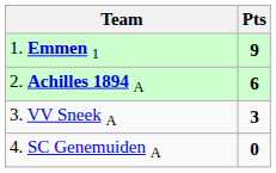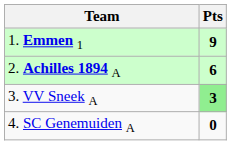 <table class="wikitable" style="text-align:center; float:left; margin-right:1em">
 <tr>
 <th style="width:200px">Team</th>
 <th width=20>Pts</th>
 </tr>
 <tr bgcolor=ccffcc>
 <td align=left>1. <strong><a href='#'>Emmen</a></strong> <sub>1</sub></td>
 <td><strong>9</strong></td>
 </tr>
 <tr bgcolor=ccffcc>
 <td align=left>2. <strong><a href='#'>Achilles 1894</a></strong> <sub>A</sub></td>
 <td><strong>6</strong></td>
 </tr>
 <tr>
 <td align=left>3. <a href='#'>VV Sneek</a> <sub>A</sub></td>
-<td><strong>3</strong></td>
+<td style="background: lightgreen;"><strong>3</strong></td>
 </tr>
 <tr>
 <td align=left>4. <a href='#'>SC Genemuiden</a> <sub>A</sub></td>
 <td><strong>0</strong></td>
 </tr>
 </table>
